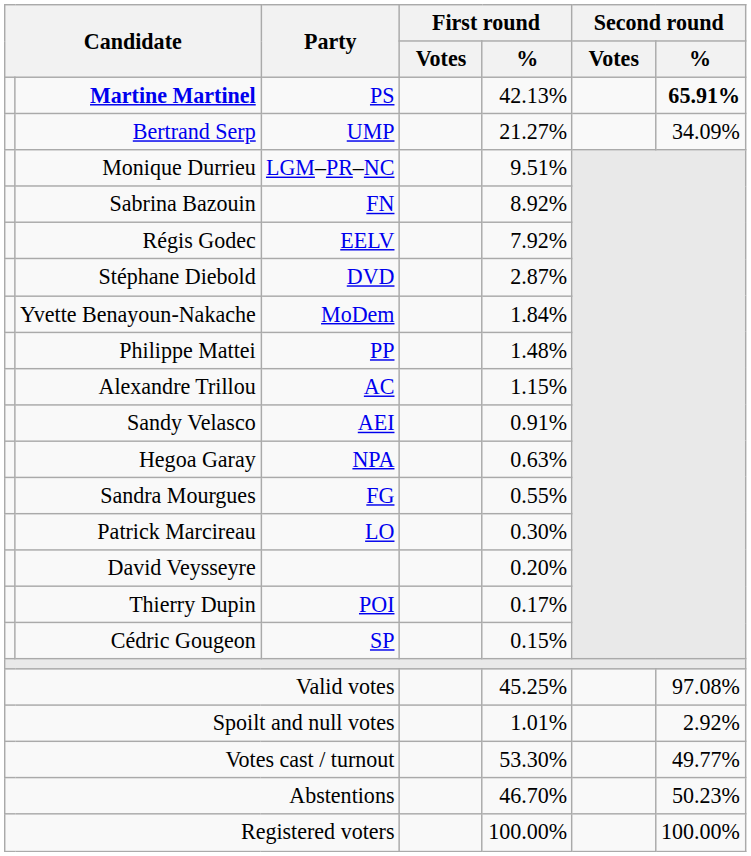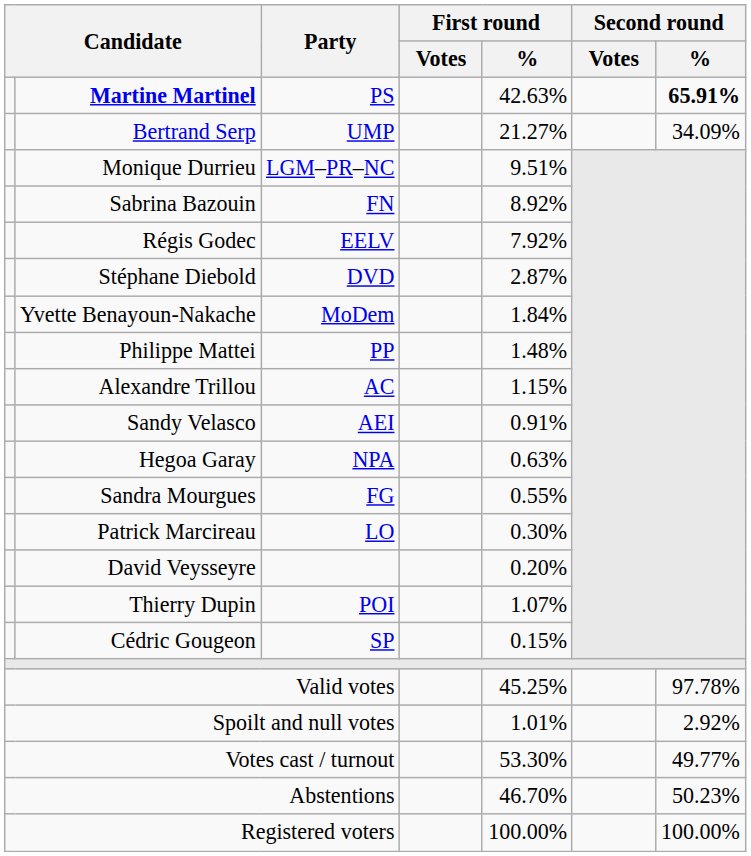 <table class="wikitable" style="text-align:right;font-size:95%;">
 <tr>
 <th rowspan=2 colspan=2>Candidate</th>
 <th rowspan=2 colspan=1>Party</th>
 <th colspan=2>First round</th>
 <th colspan=2>Second round</th>
 </tr>
 <tr>
 <th style="width:50px;">Votes</th>
 <th style="width:55px;">%</th>
 <th style="width:50px;">Votes</th>
 <th style="width:55px;">%</th>
 </tr>
 <tr>
 <td style="color:inherit;background-color:"></td>
 <td><strong><a href='#'>Martine Martinel</a></strong></td>
 <td><a href='#'>PS</a></td>
 <td></td>
-<td>42.13%</td>
+<td>42.63%</td>
 <td><strong></strong></td>
 <td><strong>65.91%</strong></td>
 </tr>
 <tr>
 <td style="color:inherit;background-color:"></td>
 <td><a href='#'>Bertrand Serp</a></td>
 <td><a href='#'>UMP</a></td>
 <td></td>
 <td>21.27%</td>
 <td></td>
 <td>34.09%</td>
 </tr>
 <tr>
 <td style="color:inherit;background-color:"></td>
 <td>Monique Durrieu</td>
 <td><a href='#'>LGM</a>–<a href='#'>PR</a>–<a href='#'>NC</a></td>
 <td></td>
 <td>9.51%</td>
 <td colspan=7 rowspan=14 style="background-color:#E9E9E9;"></td>
 </tr>
 <tr>
 <td style="color:inherit;background-color:"></td>
 <td>Sabrina Bazouin</td>
 <td><a href='#'>FN</a></td>
 <td></td>
 <td>8.92%</td>
 </tr>
 <tr>
 <td style="color:inherit;background-color:"></td>
 <td>Régis Godec</td>
 <td><a href='#'>EELV</a></td>
 <td></td>
 <td>7.92%</td>
 </tr>
 <tr>
 <td style="color:inherit;background-color:"></td>
 <td>Stéphane Diebold</td>
 <td><a href='#'>DVD</a></td>
 <td></td>
 <td>2.87%</td>
 </tr>
 <tr>
 <td style="color:inherit;background-color:"></td>
 <td>Yvette Benayoun-Nakache</td>
 <td><a href='#'>MoDem</a></td>
 <td></td>
 <td>1.84%</td>
 </tr>
 <tr>
 <td style="color:inherit;background-color:"></td>
 <td>Philippe Mattei</td>
 <td><a href='#'>PP</a></td>
 <td></td>
 <td>1.48%</td>
 </tr>
 <tr>
 <td style="color:inherit;background-color:"></td>
 <td>Alexandre Trillou</td>
 <td><a href='#'>AC</a></td>
 <td></td>
 <td>1.15%</td>
 </tr>
 <tr>
 <td style="color:inherit;background-color:"></td>
 <td>Sandy Velasco</td>
 <td><a href='#'>AEI</a></td>
 <td></td>
 <td>0.91%</td>
 </tr>
 <tr>
 <td style="color:inherit;background-color:"></td>
 <td>Hegoa Garay</td>
 <td><a href='#'>NPA</a></td>
 <td></td>
 <td>0.63%</td>
 </tr>
 <tr>
 <td style="color:inherit;background-color:"></td>
 <td>Sandra Mourgues</td>
 <td><a href='#'>FG</a></td>
 <td></td>
 <td>0.55%</td>
 </tr>
 <tr>
 <td style="color:inherit;background-color:"></td>
 <td>Patrick Marcireau</td>
 <td><a href='#'>LO</a></td>
 <td></td>
 <td>0.30%</td>
 </tr>
 <tr>
 <td style="background-color:;"></td>
 <td>David Veysseyre</td>
 <td></td>
 <td></td>
 <td>0.20%</td>
 </tr>
 <tr>
 <td style="color:inherit;background-color:"></td>
 <td>Thierry Dupin</td>
 <td><a href='#'>POI</a></td>
 <td></td>
-<td>0.17%</td>
+<td>1.07%</td>
 </tr>
 <tr>
 <td style="color:inherit;background-color:"></td>
 <td>Cédric Gougeon</td>
 <td><a href='#'>SP</a></td>
 <td></td>
 <td>0.15%</td>
 </tr>
 <tr>
 <td colspan=7 style="background-color:#E9E9E9;"></td>
 </tr>
 <tr>
 <td colspan=3>Valid votes</td>
 <td></td>
 <td>45.25%</td>
 <td></td>
-<td>97.08%</td>
+<td>97.78%</td>
 </tr>
 <tr>
 <td colspan=3>Spoilt and null votes</td>
 <td></td>
 <td>1.01%</td>
 <td></td>
 <td>2.92%</td>
 </tr>
 <tr>
 <td colspan=3>Votes cast / turnout</td>
 <td></td>
 <td>53.30%</td>
 <td></td>
 <td>49.77%</td>
 </tr>
 <tr>
 <td colspan=3>Abstentions</td>
 <td></td>
 <td>46.70%</td>
 <td></td>
 <td>50.23%</td>
 </tr>
 <tr>
 <td colspan=3>Registered voters</td>
 <td></td>
 <td>100.00%</td>
 <td></td>
 <td>100.00%</td>
 </tr>
 </table>
